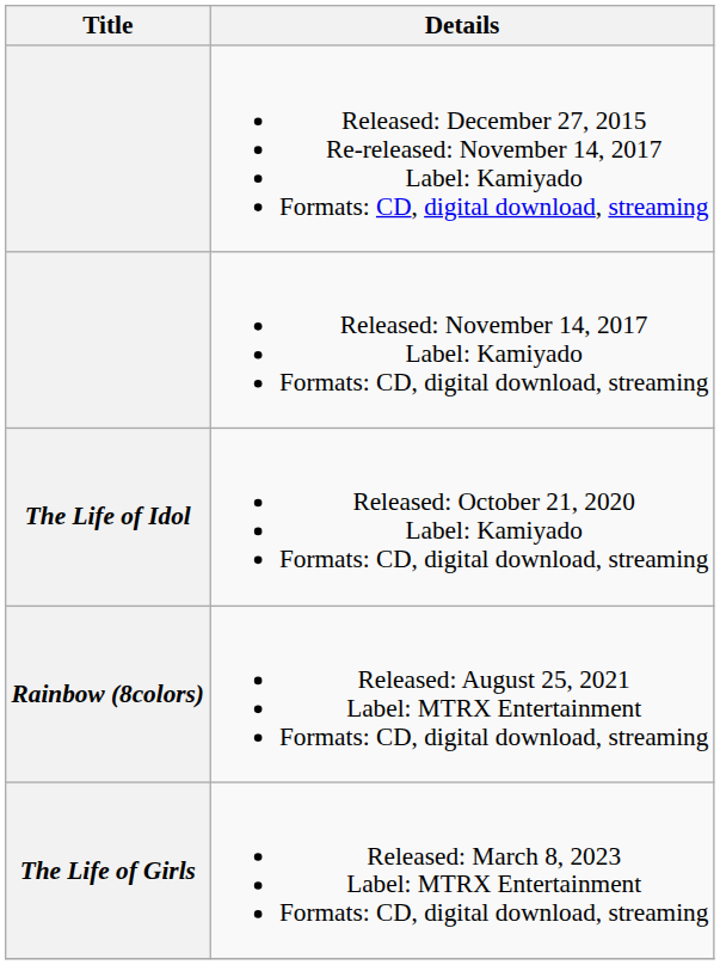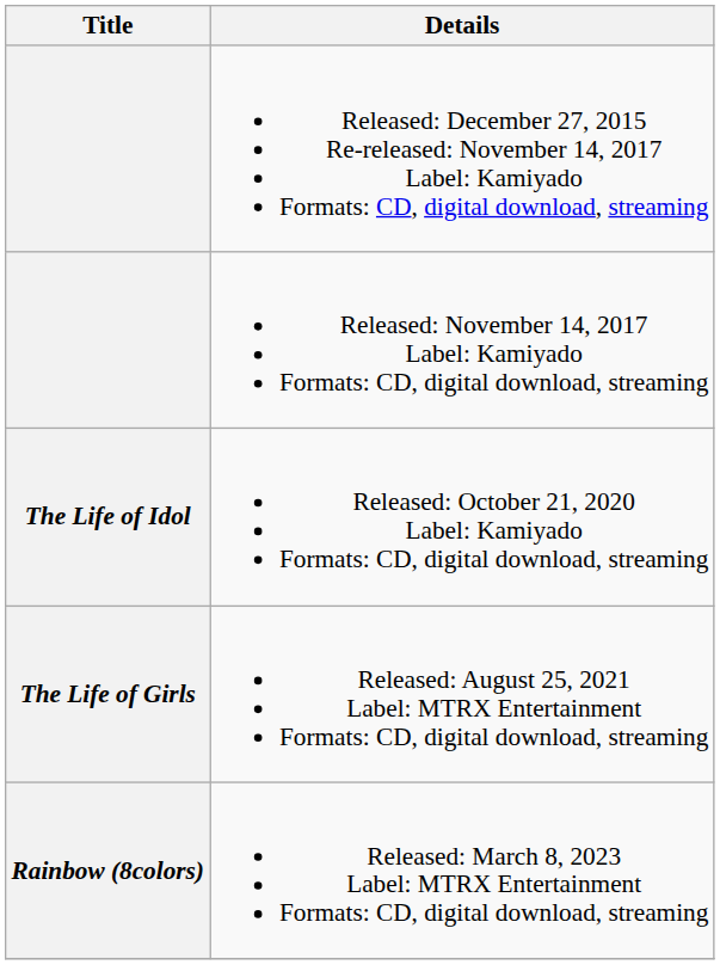 <table class="wikitable plainrowheaders" style="text-align:center;">
 <tr>
 <th scope="col">Title</th>
 <th scope="col">Details</th>
 </tr>
 <tr>
 <th scope="row"></th>
 <td><br><ul><li>Released: December 27, 2015</li><li>Re-released: November 14, 2017</li><li>Label: Kamiyado</li><li>Formats: <a href='#'>CD</a>, <a href='#'>digital download</a>, <a href='#'>streaming</a></li></ul></td>
 </tr>
 <tr>
 <th scope="row"></th>
 <td><br><ul><li>Released: November 14, 2017</li><li>Label: Kamiyado</li><li>Formats: CD, digital download, streaming</li></ul></td>
 </tr>
 <tr>
 <th scope="row"><em>The Life of Idol</em></th>
 <td><br><ul><li>Released: October 21, 2020</li><li>Label: Kamiyado</li><li>Formats: CD, digital download, streaming</li></ul></td>
 </tr>
 <tr>
-<th scope="row"><em>Rainbow (8colors)</em></th>
+<th scope="row"><em>The Life of Girls</em></th>
 <td><br><ul><li>Released: August 25, 2021</li><li>Label: MTRX Entertainment</li><li>Formats: CD, digital download, streaming</li></ul></td>
 </tr>
 <tr>
-<th scope="row"><em>The Life of Girls</em></th>
+<th scope="row"><em>Rainbow (8colors)</em></th>
 <td><br><ul><li>Released: March 8, 2023</li><li>Label: MTRX Entertainment</li><li>Formats: CD, digital download, streaming</li></ul></td>
 </tr>
 <tr>
 </tr>
 </table>
